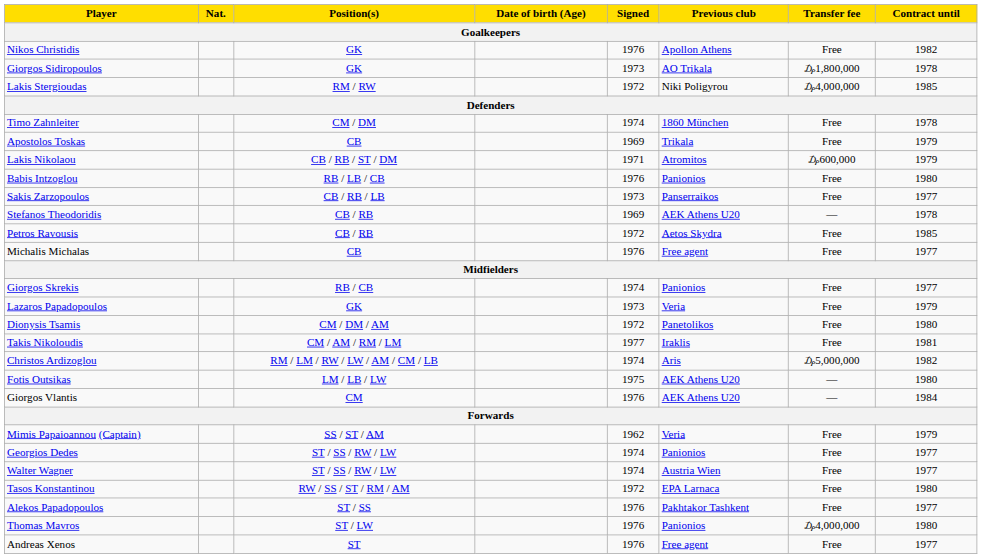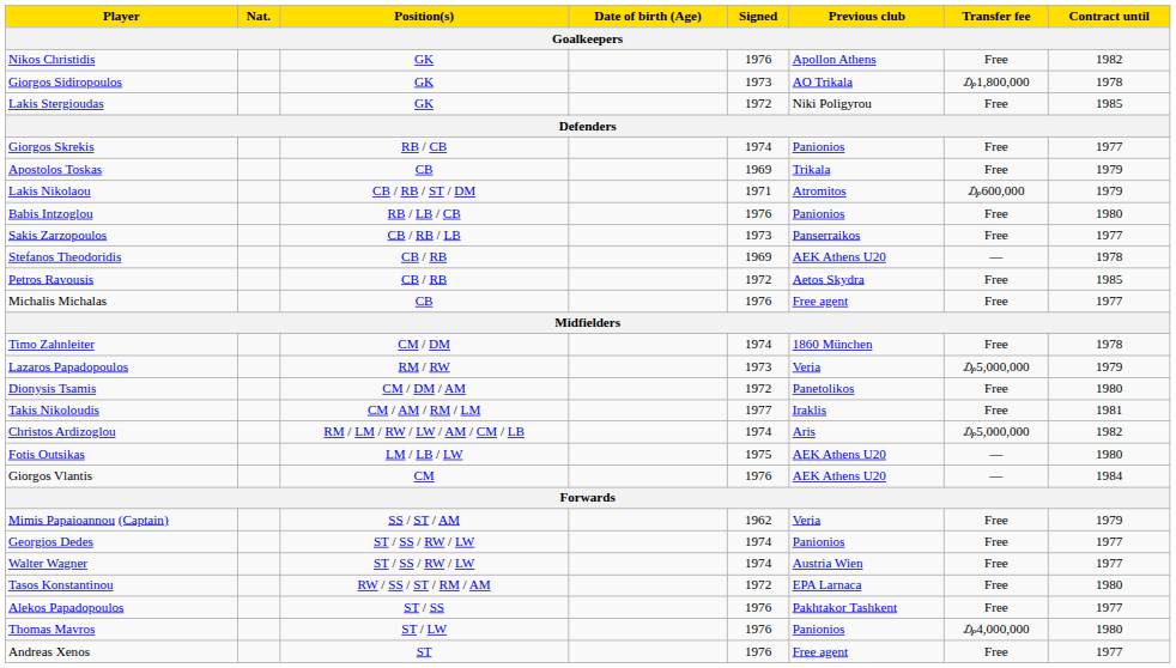 <table class="wikitable" style="text-align:center; font-size:90%;width:100%;">
 <tr>
 <th style="background:#FFDE00">Player</th>
 <th style="background:#FFDE00">Nat.</th>
 <th style="background:#FFDE00">Position(s)</th>
 <th style="background:#FFDE00">Date of birth (Age)</th>
 <th style="background:#FFDE00">Signed</th>
 <th style="background:#FFDE00">Previous club</th>
 <th style="background:#FFDE00">Transfer fee</th>
 <th style="background:#FFDE00">Contract until</th>
 </tr>
 <tr>
 <th colspan="8">Goalkeepers</th>
 </tr>
 <tr>
 <td align=left><a href='#'>Nikos Christidis</a></td>
 <td></td>
 <td><a href='#'>GK</a></td>
 <td></td>
 <td>1976</td>
 <td align=left> <a href='#'>Apollon Athens</a></td>
 <td>Free</td>
 <td>1982</td>
 </tr>
 <tr>
 <td align=left><a href='#'>Giorgos Sidiropoulos</a></td>
 <td></td>
 <td><a href='#'>GK</a></td>
 <td></td>
 <td>1973</td>
 <td align=left> <a href='#'>AO Trikala</a></td>
 <td>₯1,800,000</td>
 <td>1978</td>
 </tr>
 <tr>
 <td align=left><a href='#'>Lakis Stergioudas</a></td>
 <td></td>
-<td><a href='#'>RM</a> / <a href='#'>RW</a></td>
+<td><a href='#'>GK</a></td>
 <td></td>
 <td>1972</td>
 <td align=left> Niki Poligyrou</td>
-<td>₯4,000,000</td>
+<td>Free</td>
 <td>1985</td>
 </tr>
 <tr>
 <th colspan="8">Defenders</th>
 </tr>
 <tr>
-<td align=left><a href='#'>Timo Zahnleiter</a></td>
+<td align=left><a href='#'>Giorgos Skrekis</a></td>
 <td></td>
-<td><a href='#'>CM</a> / <a href='#'>DM</a></td>
+<td><a href='#'>RB</a> / <a href='#'>CB</a></td>
 <td></td>
 <td>1974</td>
-<td align=left> <a href='#'>1860 München</a></td>
+<td align=left> <a href='#'>Panionios</a></td>
 <td>Free</td>
-<td>1978</td>
+<td>1977</td>
 </tr>
 <tr>
 <td align=left><a href='#'>Apostolos Toskas</a></td>
 <td></td>
 <td><a href='#'>CB</a></td>
 <td></td>
 <td>1969</td>
 <td align=left> <a href='#'>Trikala</a></td>
 <td>Free</td>
 <td>1979</td>
 </tr>
 <tr>
 <td align=left><a href='#'>Lakis Nikolaou</a></td>
 <td></td>
 <td><a href='#'>CB</a> / <a href='#'>RB</a> / <a href='#'>ST</a> / <a href='#'>DM</a></td>
 <td></td>
 <td>1971</td>
 <td align=left> <a href='#'>Atromitos</a></td>
 <td>₯600,000</td>
 <td>1979</td>
 </tr>
 <tr>
 <td align=left><a href='#'>Babis Intzoglou</a></td>
 <td></td>
 <td><a href='#'>RB</a> / <a href='#'>LB</a> / <a href='#'>CB</a></td>
 <td></td>
 <td>1976</td>
 <td align=left> <a href='#'>Panionios</a></td>
 <td>Free</td>
 <td>1980</td>
 </tr>
 <tr>
 <td align=left><a href='#'>Sakis Zarzopoulos</a></td>
 <td></td>
 <td><a href='#'>CB</a> / <a href='#'>RB</a> / <a href='#'>LB</a></td>
 <td></td>
 <td>1973</td>
 <td align=left> <a href='#'>Panserraikos</a></td>
 <td>Free</td>
 <td>1977</td>
 </tr>
 <tr>
 <td align=left><a href='#'>Stefanos Theodoridis</a></td>
 <td></td>
 <td><a href='#'>CB</a> / <a href='#'>RB</a></td>
 <td></td>
 <td>1969</td>
 <td align=left> <a href='#'>AEK Athens U20</a></td>
 <td>—</td>
 <td>1978</td>
 </tr>
 <tr>
 <td align=left><a href='#'>Petros Ravousis</a></td>
 <td></td>
 <td><a href='#'>CB</a> / <a href='#'>RB</a></td>
 <td></td>
 <td>1972</td>
 <td align=left> <a href='#'>Aetos Skydra</a></td>
 <td>Free</td>
 <td>1985</td>
 </tr>
 <tr>
 <td align=left>Michalis Michalas</td>
 <td></td>
 <td><a href='#'>CB</a></td>
 <td></td>
 <td>1976</td>
 <td align=left><a href='#'>Free agent</a></td>
 <td>Free</td>
 <td>1977</td>
 </tr>
 <tr>
 <th colspan="8">Midfielders</th>
 </tr>
 <tr>
-<td align=left><a href='#'>Giorgos Skrekis</a></td>
+<td align=left><a href='#'>Timo Zahnleiter</a></td>
 <td></td>
-<td><a href='#'>RB</a> / <a href='#'>CB</a></td>
+<td><a href='#'>CM</a> / <a href='#'>DM</a></td>
 <td></td>
 <td>1974</td>
-<td align=left> <a href='#'>Panionios</a></td>
+<td align=left> <a href='#'>1860 München</a></td>
 <td>Free</td>
-<td>1977</td>
+<td>1978</td>
 </tr>
 <tr>
 <td align=left><a href='#'>Lazaros Papadopoulos</a></td>
 <td></td>
-<td><a href='#'>GK</a></td>
+<td><a href='#'>RM</a> / <a href='#'>RW</a></td>
 <td></td>
 <td>1973</td>
 <td align=left> <a href='#'>Veria</a></td>
-<td>Free</td>
+<td>₯5,000,000</td>
 <td>1979</td>
 </tr>
 <tr>
 <td align=left><a href='#'>Dionysis Tsamis</a></td>
 <td></td>
 <td><a href='#'>CM</a> / <a href='#'>DM</a> / <a href='#'>AM</a></td>
 <td></td>
 <td>1972</td>
 <td align=left> <a href='#'>Panetolikos</a></td>
 <td>Free</td>
 <td>1980</td>
 </tr>
 <tr>
 <td align=left><a href='#'>Takis Nikoloudis</a></td>
 <td></td>
 <td><a href='#'>CM</a> / <a href='#'>AM</a> / <a href='#'>RM</a> / <a href='#'>LM</a></td>
 <td></td>
 <td>1977</td>
 <td align=left> <a href='#'>Iraklis</a></td>
 <td>Free</td>
 <td>1981</td>
 </tr>
 <tr>
 <td align=left><a href='#'>Christos Ardizoglou</a></td>
 <td></td>
 <td><a href='#'>RM</a> / <a href='#'>LM</a> / <a href='#'>RW</a> / <a href='#'>LW</a>  / <a href='#'>AM</a> / <a href='#'>CM</a> / <a href='#'>LB</a></td>
 <td></td>
 <td>1974</td>
 <td align=left> <a href='#'>Aris</a></td>
 <td>₯5,000,000</td>
 <td>1982</td>
 </tr>
 <tr>
 <td align=left><a href='#'>Fotis Outsikas</a></td>
 <td></td>
 <td><a href='#'>LM</a> / <a href='#'>LB</a> / <a href='#'>LW</a></td>
 <td></td>
 <td>1975</td>
 <td align=left> <a href='#'>AEK Athens U20</a></td>
 <td>—</td>
 <td>1980</td>
 </tr>
 <tr>
 <td align=left>Giorgos Vlantis</td>
 <td></td>
 <td><a href='#'>CM</a></td>
 <td></td>
 <td>1976</td>
 <td align=left> <a href='#'>AEK Athens U20</a></td>
 <td>—</td>
 <td>1984</td>
 </tr>
 <tr>
 <th colspan="8">Forwards</th>
 </tr>
 <tr>
 <td align=left><a href='#'>Mimis Papaioannou</a> <a href='#'>(Captain)</a></td>
 <td></td>
 <td><a href='#'>SS</a> / <a href='#'>ST</a> / <a href='#'>AM</a></td>
 <td></td>
 <td>1962</td>
 <td align=left> <a href='#'>Veria</a></td>
 <td>Free</td>
 <td>1979</td>
 </tr>
 <tr>
 <td align=left><a href='#'>Georgios Dedes</a></td>
 <td></td>
 <td><a href='#'>ST</a> / <a href='#'>SS</a> / <a href='#'>RW</a> / <a href='#'>LW</a></td>
 <td></td>
 <td>1974</td>
 <td align=left> <a href='#'>Panionios</a></td>
 <td>Free</td>
 <td>1977</td>
 </tr>
 <tr>
 <td align=left><a href='#'>Walter Wagner</a></td>
 <td></td>
 <td><a href='#'>ST</a> / <a href='#'>SS</a> / <a href='#'>RW</a> / <a href='#'>LW</a></td>
 <td></td>
 <td>1974</td>
 <td align=left> <a href='#'>Austria Wien</a></td>
 <td>Free</td>
 <td>1977</td>
 </tr>
 <tr>
 <td align=left><a href='#'>Tasos Konstantinou</a></td>
 <td></td>
 <td><a href='#'>RW</a> / <a href='#'>SS</a> / <a href='#'>ST</a> / <a href='#'>RM</a> / <a href='#'>AM</a></td>
 <td></td>
 <td>1972</td>
 <td align=left> <a href='#'>EPA Larnaca</a></td>
 <td>Free</td>
 <td>1980</td>
 </tr>
 <tr>
 <td align=left><a href='#'>Alekos Papadopoulos</a></td>
 <td></td>
 <td><a href='#'>ST</a> / <a href='#'>SS</a></td>
 <td></td>
 <td>1976</td>
 <td align=left> <a href='#'>Pakhtakor Tashkent</a></td>
 <td>Free</td>
 <td>1977</td>
 </tr>
 <tr>
 <td align=left><a href='#'>Thomas Mavros</a></td>
 <td></td>
 <td><a href='#'>ST</a> / <a href='#'>LW</a></td>
 <td></td>
 <td>1976</td>
 <td align=left> <a href='#'>Panionios</a></td>
 <td>₯4,000,000</td>
 <td>1980</td>
 </tr>
 <tr>
 <td align=left>Andreas Xenos</td>
 <td></td>
 <td><a href='#'>ST</a></td>
 <td></td>
 <td>1976</td>
 <td align=left><a href='#'>Free agent</a></td>
 <td>Free</td>
 <td>1977</td>
 </tr>
 </table>
